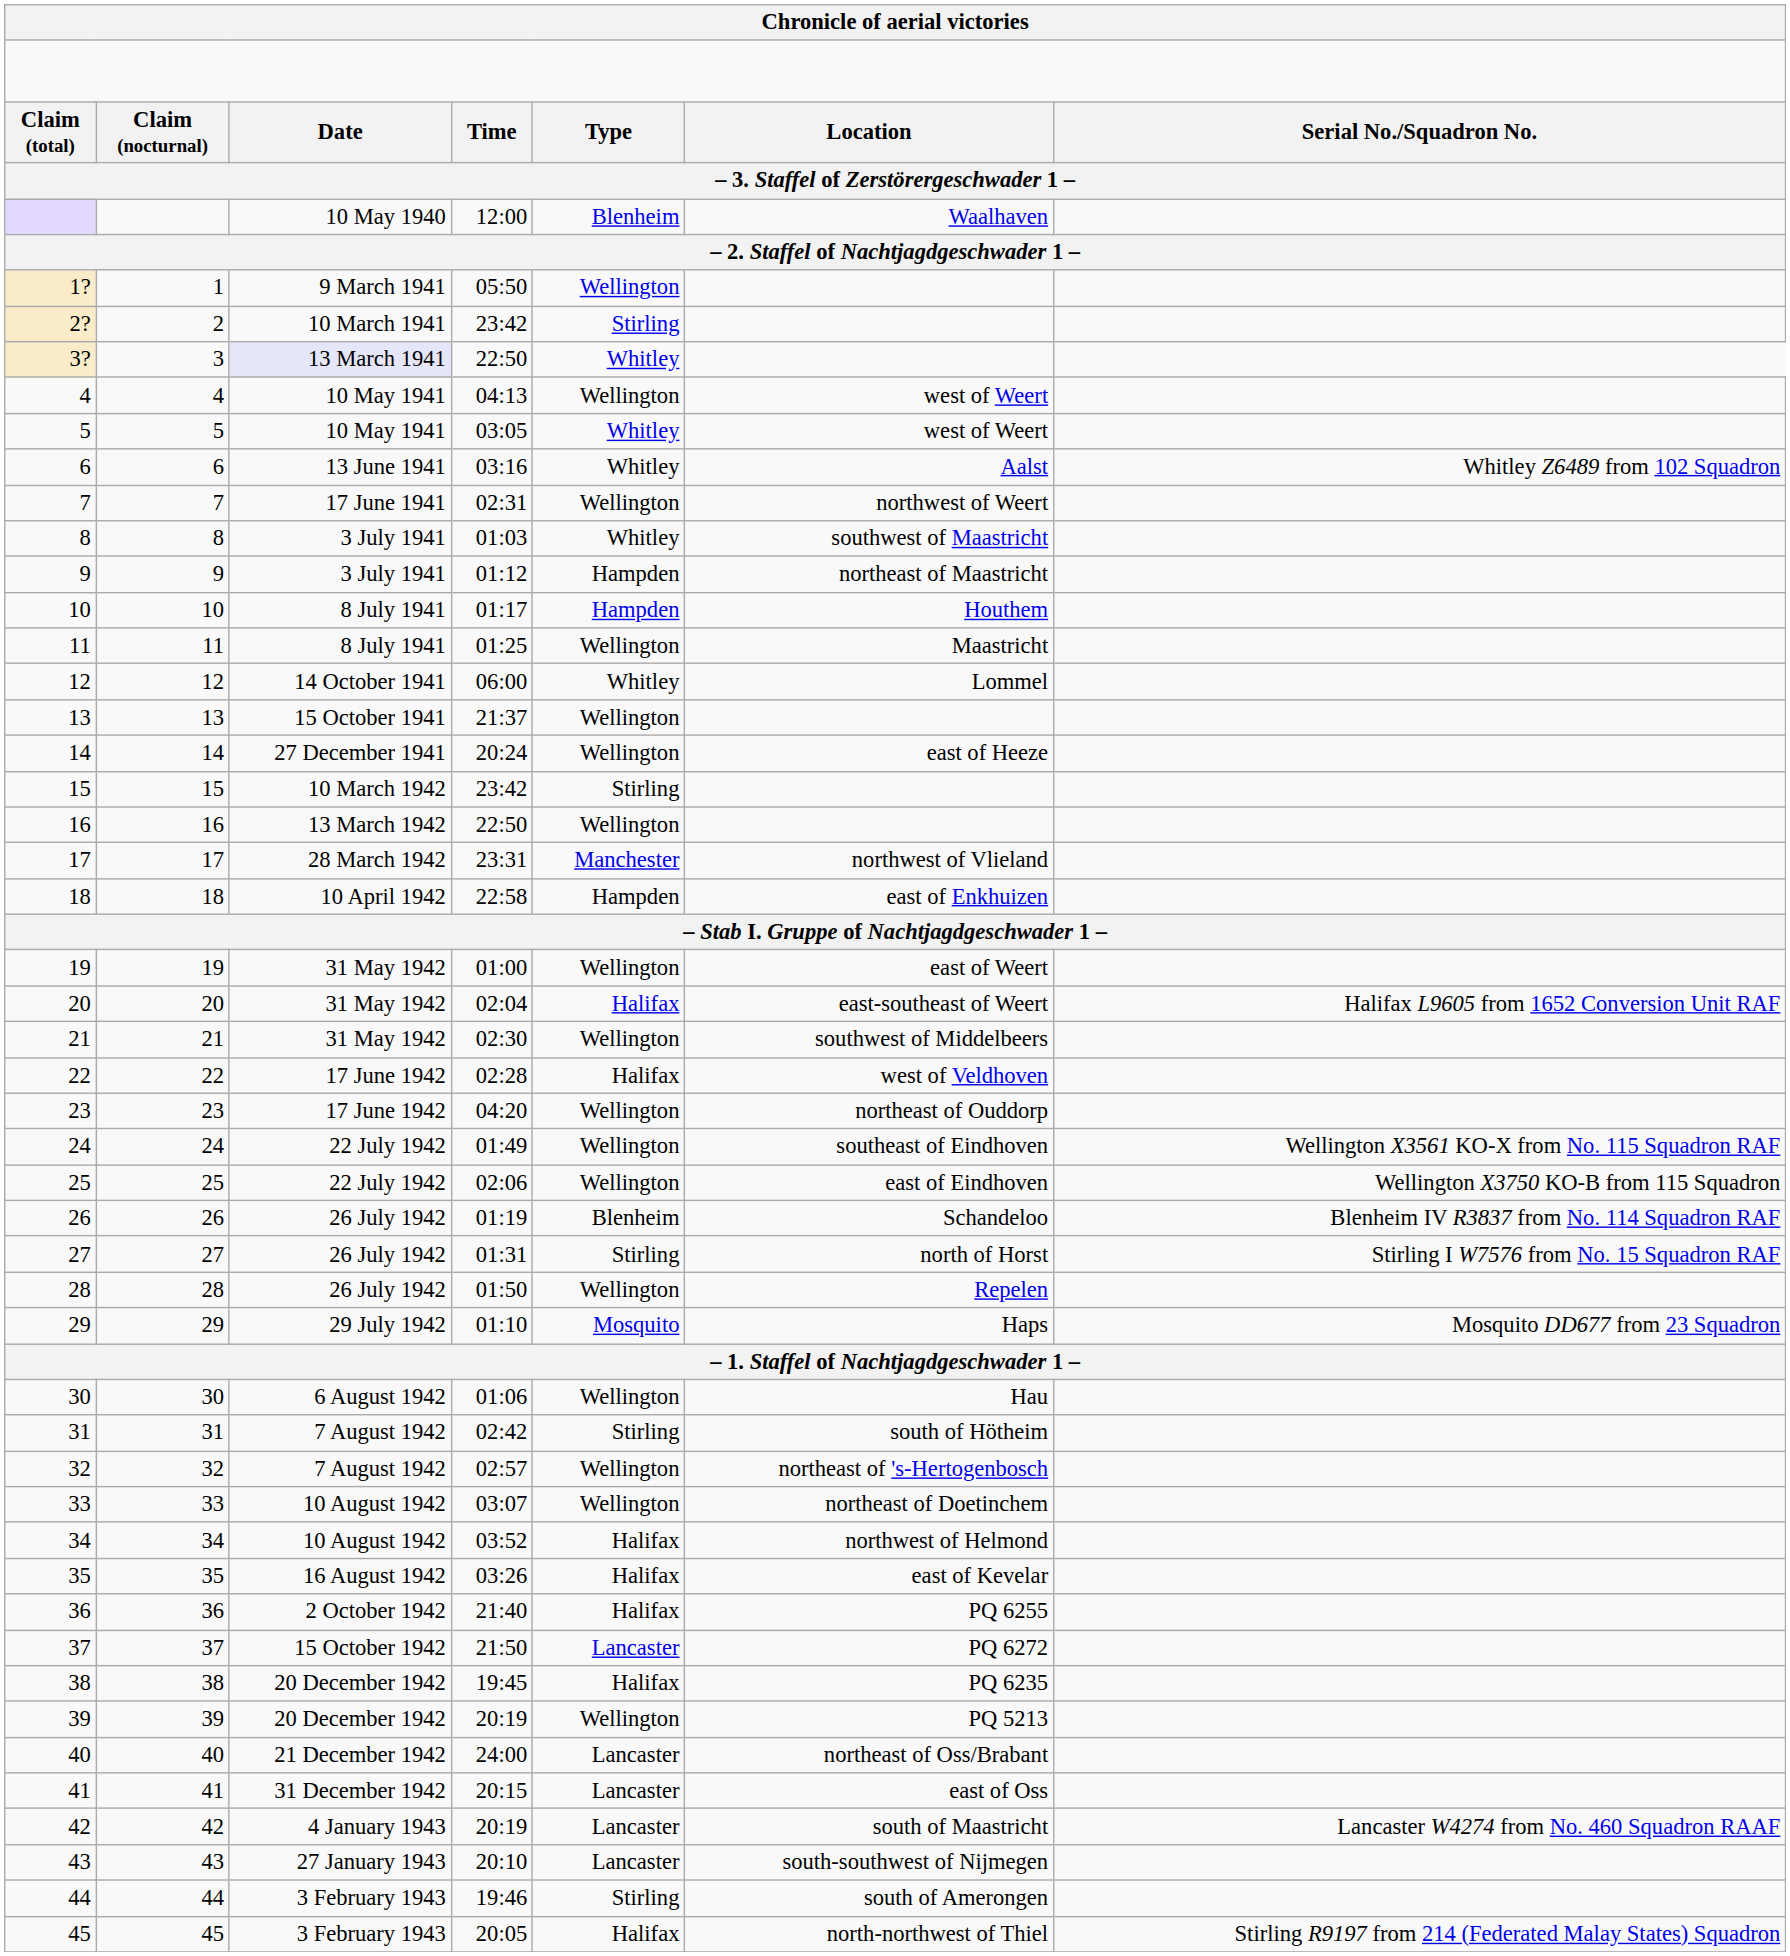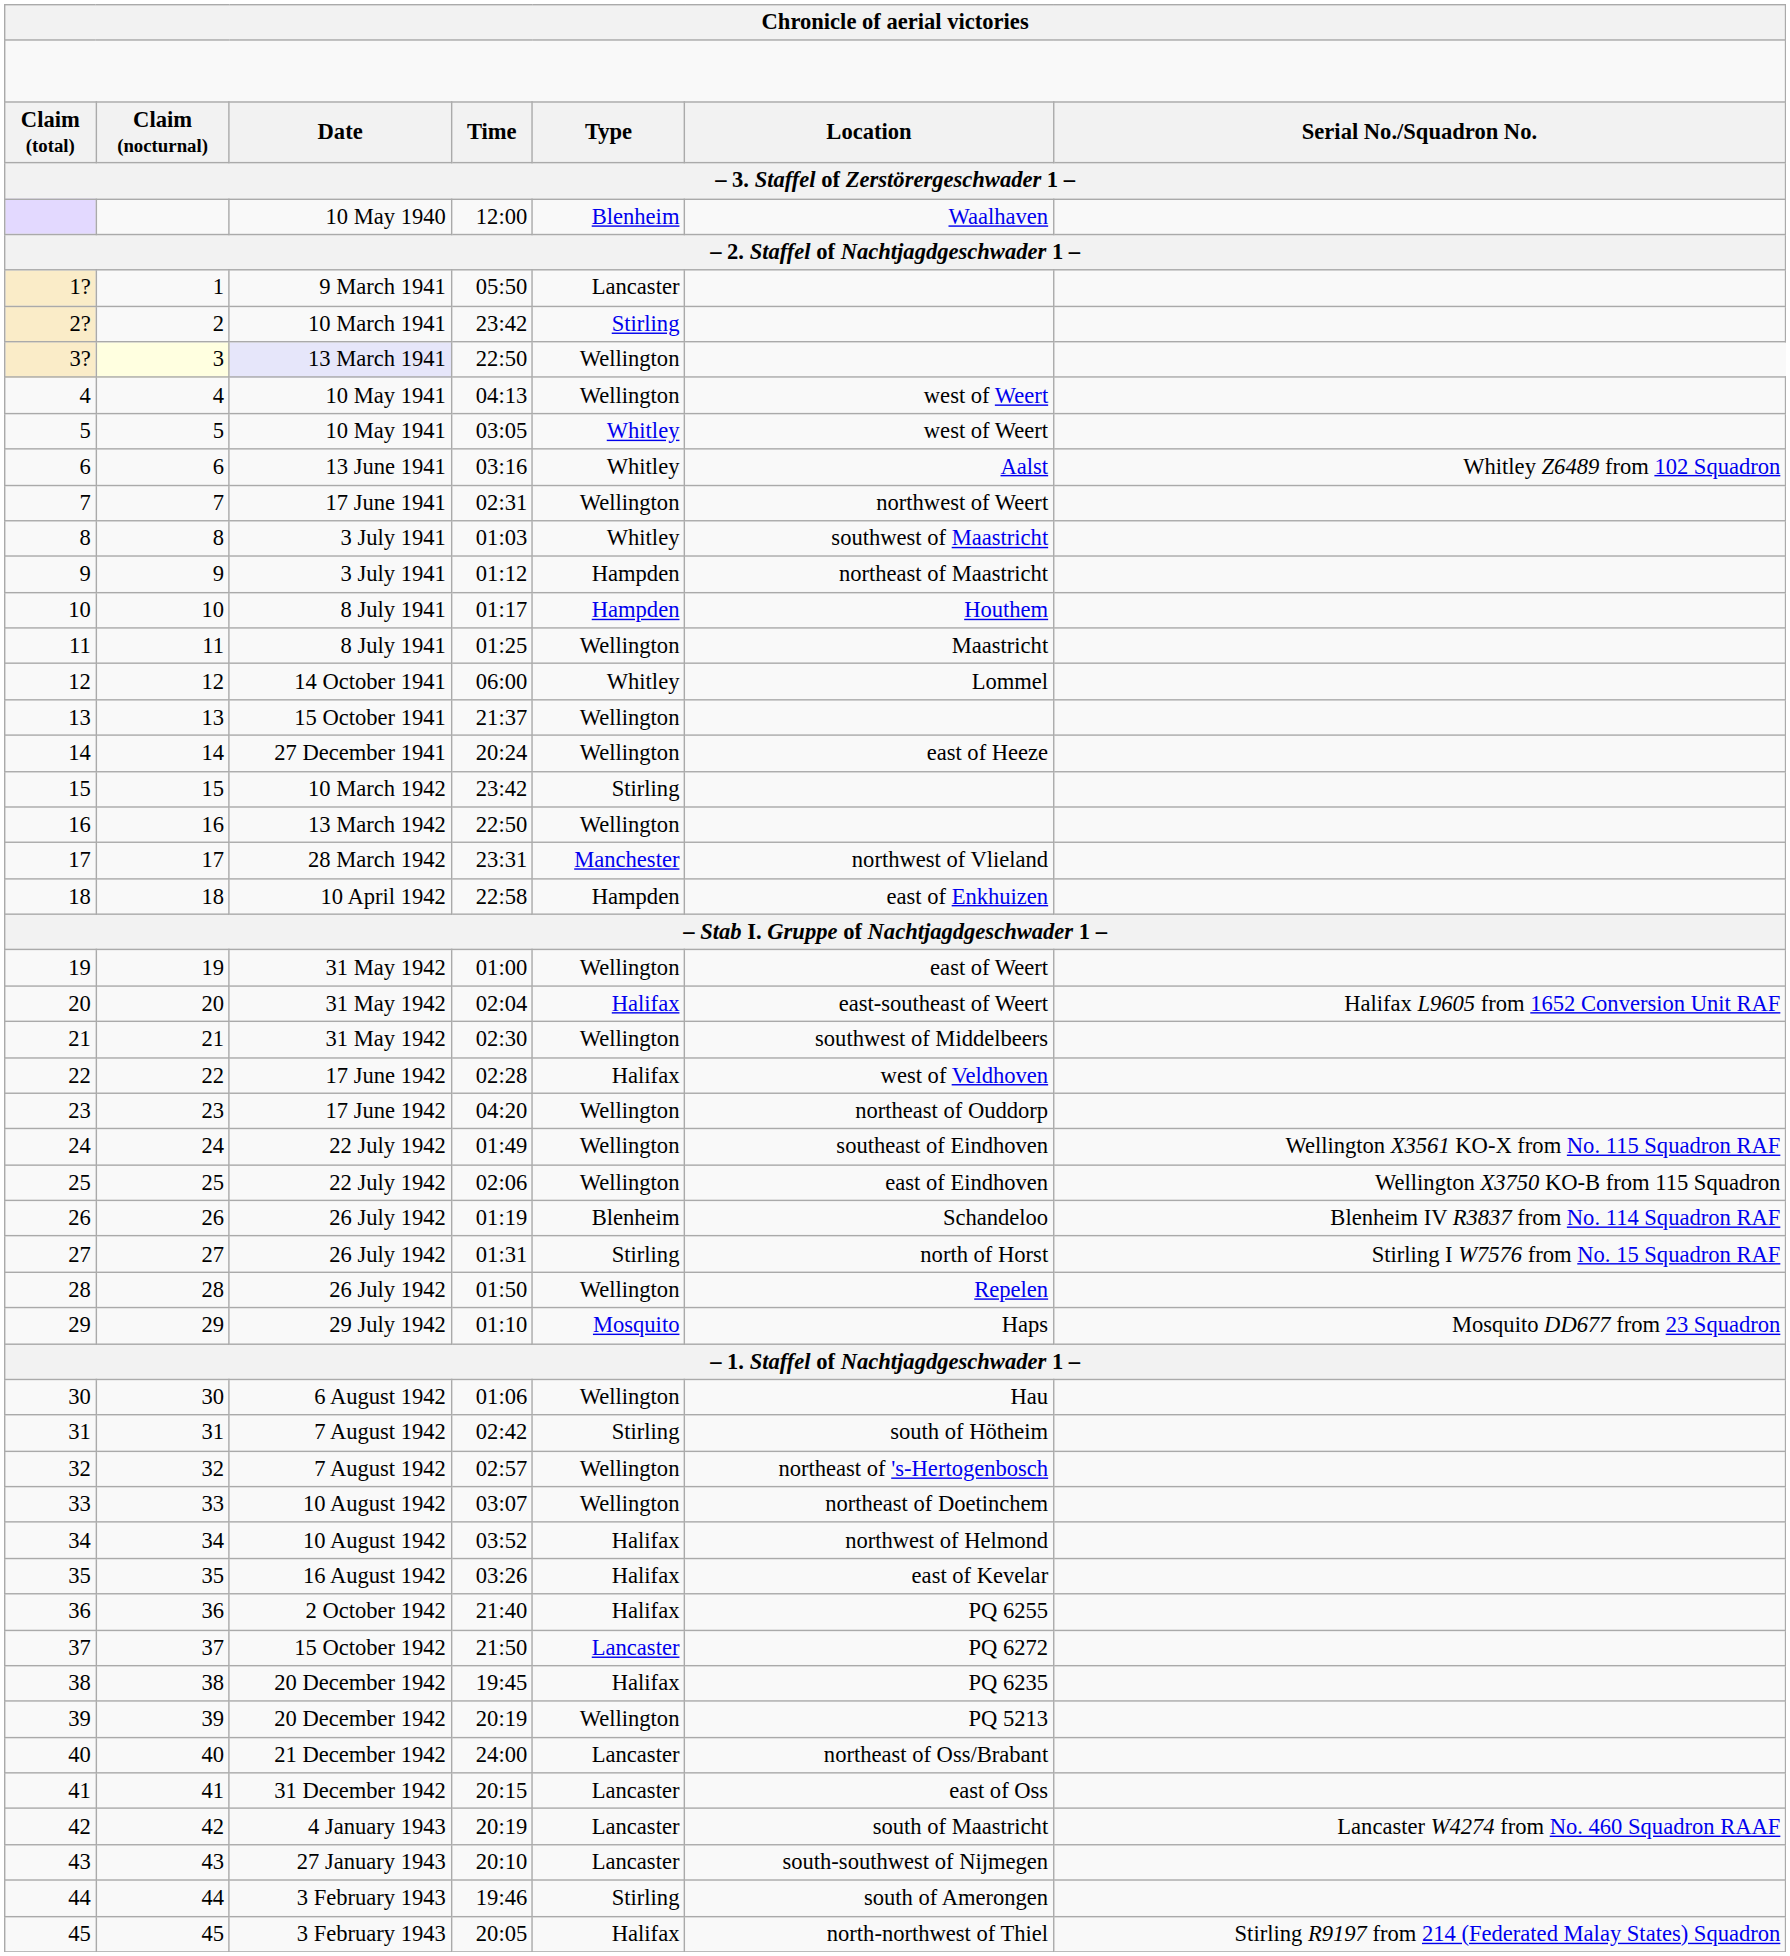 <table class="wikitable plainrowheaders collapsible" style="margin-left: auto; margin-right: auto; border: none; text-align:right; width: 100%;">
 <tr>
 <th colspan="7">Chronicle of aerial victories</th>
 </tr>
 <tr>
 <td colspan="7" style="text-align: left;"><br><br> </td>
 </tr>
 <tr>
 <th scope="col">Claim<br><small>(total)</small></th>
 <th scope="col">Claim<br><small>(nocturnal)</small></th>
 <th scope="col" style="width:150px">Date</th>
 <th scope="col">Time</th>
 <th scope="col">Type</th>
 <th scope="col">Location</th>
 <th scope="col">Serial No./Squadron No.</th>
 </tr>
 <tr>
 <th colspan="7">– 3. <em>Staffel</em> of <em>Zerstörergeschwader</em> 1 –</th>
 </tr>
 <tr>
 <td style="background:#e3d9ff;"></td>
 <td></td>
 <td>10 May 1940</td>
 <td>12:00</td>
 <td><a href='#'>Blenheim</a></td>
 <td><a href='#'>Waalhaven</a></td>
 <td></td>
 </tr>
 <tr>
 <th colspan="7">– 2. <em>Staffel</em> of <em>Nachtjagdgeschwader</em> 1 –</th>
 </tr>
 <tr>
 <td style="background:#faecc8">1?</td>
 <td>1</td>
 <td>9 March 1941</td>
 <td>05:50</td>
-<td><a href='#'>Wellington</a></td>
+<td>Lancaster</td>
 <td></td>
 <td></td>
 </tr>
 <tr>
 <td style="background:#faecc8">2?</td>
 <td>2</td>
 <td>10 March 1941</td>
 <td>23:42</td>
 <td><a href='#'>Stirling</a></td>
 <td></td>
 <td></td>
 </tr>
 <tr>
 <td style="background:#faecc8">3?</td>
-<td>3</td>
+<td style="background: lightyellow;">3</td>
 <td style="background: lavender;">13 March 1941</td>
 <td>22:50</td>
-<td><a href='#'>Whitley</a></td>
+<td>Wellington</td>
 <td></td>
 </tr>
 <tr>
 <td>4</td>
 <td>4</td>
 <td>10 May 1941</td>
 <td>04:13</td>
 <td>Wellington</td>
 <td> west of <a href='#'>Weert</a></td>
 <td></td>
 </tr>
 <tr>
 <td>5</td>
 <td>5</td>
 <td>10 May 1941</td>
 <td>03:05</td>
 <td><a href='#'>Whitley</a></td>
 <td> west of Weert</td>
 <td></td>
 </tr>
 <tr>
 <td>6</td>
 <td>6</td>
 <td>13 June 1941</td>
 <td>03:16</td>
 <td>Whitley</td>
 <td><a href='#'>Aalst</a></td>
 <td>Whitley <em>Z6489</em> from <a href='#'>102 Squadron</a></td>
 </tr>
 <tr>
 <td>7</td>
 <td>7</td>
 <td>17 June 1941</td>
 <td>02:31</td>
 <td>Wellington</td>
 <td> northwest of Weert</td>
 <td></td>
 </tr>
 <tr>
 <td>8</td>
 <td>8</td>
 <td>3 July 1941</td>
 <td>01:03</td>
 <td>Whitley</td>
 <td> southwest of <a href='#'>Maastricht</a></td>
 <td></td>
 </tr>
 <tr>
 <td>9</td>
 <td>9</td>
 <td>3 July 1941</td>
 <td>01:12</td>
 <td>Hampden</td>
 <td> northeast of Maastricht</td>
 <td></td>
 </tr>
 <tr>
 <td>10</td>
 <td>10</td>
 <td>8 July 1941</td>
 <td>01:17</td>
 <td><a href='#'>Hampden</a></td>
 <td><a href='#'>Houthem</a></td>
 <td></td>
 </tr>
 <tr>
 <td>11</td>
 <td>11</td>
 <td>8 July 1941</td>
 <td>01:25</td>
 <td>Wellington</td>
 <td>Maastricht</td>
 <td></td>
 </tr>
 <tr>
 <td>12</td>
 <td>12</td>
 <td>14 October 1941</td>
 <td>06:00</td>
 <td>Whitley</td>
 <td>Lommel</td>
 <td></td>
 </tr>
 <tr>
 <td>13</td>
 <td>13</td>
 <td>15 October 1941</td>
 <td>21:37</td>
 <td>Wellington</td>
 <td></td>
 <td></td>
 </tr>
 <tr>
 <td>14</td>
 <td>14</td>
 <td>27 December 1941</td>
 <td>20:24</td>
 <td>Wellington</td>
 <td> east of Heeze</td>
 <td></td>
 </tr>
 <tr>
 <td>15</td>
 <td>15</td>
 <td>10 March 1942</td>
 <td>23:42</td>
 <td>Stirling</td>
 <td></td>
 <td></td>
 </tr>
 <tr>
 <td>16</td>
 <td>16</td>
 <td>13 March 1942</td>
 <td>22:50</td>
 <td>Wellington</td>
 <td></td>
 <td></td>
 </tr>
 <tr>
 <td>17</td>
 <td>17</td>
 <td>28 March 1942</td>
 <td>23:31</td>
 <td><a href='#'>Manchester</a></td>
 <td>northwest of Vlieland</td>
 <td></td>
 </tr>
 <tr>
 <td>18</td>
 <td>18</td>
 <td>10 April 1942</td>
 <td>22:58</td>
 <td>Hampden</td>
 <td> east of <a href='#'>Enkhuizen</a></td>
 <td></td>
 </tr>
 <tr>
 <th colspan="7">– <em>Stab</em> I. <em>Gruppe</em> of <em>Nachtjagdgeschwader</em> 1 –</th>
 </tr>
 <tr>
 <td>19</td>
 <td>19</td>
 <td>31 May 1942</td>
 <td>01:00</td>
 <td>Wellington</td>
 <td> east of Weert</td>
 <td></td>
 </tr>
 <tr>
 <td>20</td>
 <td>20</td>
 <td>31 May 1942</td>
 <td>02:04</td>
 <td><a href='#'>Halifax</a></td>
 <td> east-southeast of Weert</td>
 <td>Halifax <em>L9605</em> from <a href='#'>1652 Conversion Unit RAF</a></td>
 </tr>
 <tr>
 <td>21</td>
 <td>21</td>
 <td>31 May 1942</td>
 <td>02:30</td>
 <td>Wellington</td>
 <td> southwest of Middelbeers</td>
 <td></td>
 </tr>
 <tr>
 <td>22</td>
 <td>22</td>
 <td>17 June 1942</td>
 <td>02:28</td>
 <td>Halifax</td>
 <td>west of <a href='#'>Veldhoven</a></td>
 <td></td>
 </tr>
 <tr>
 <td>23</td>
 <td>23</td>
 <td>17 June 1942</td>
 <td>04:20</td>
 <td>Wellington</td>
 <td> northeast of Ouddorp</td>
 <td></td>
 </tr>
 <tr>
 <td>24</td>
 <td>24</td>
 <td>22 July 1942</td>
 <td>01:49</td>
 <td>Wellington</td>
 <td> southeast of Eindhoven</td>
 <td>Wellington <em>X3561</em> KO-X from <a href='#'>No. 115 Squadron RAF</a></td>
 </tr>
 <tr>
 <td>25</td>
 <td>25</td>
 <td>22 July 1942</td>
 <td>02:06</td>
 <td>Wellington</td>
 <td> east of Eindhoven</td>
 <td>Wellington <em>X3750</em> KO-B from 115 Squadron</td>
 </tr>
 <tr>
 <td>26</td>
 <td>26</td>
 <td>26 July 1942</td>
 <td>01:19</td>
 <td>Blenheim</td>
 <td>Schandeloo</td>
 <td>Blenheim IV <em>R3837</em> from <a href='#'>No. 114 Squadron RAF</a></td>
 </tr>
 <tr>
 <td>27</td>
 <td>27</td>
 <td>26 July 1942</td>
 <td>01:31</td>
 <td>Stirling</td>
 <td> north of Horst</td>
 <td>Stirling I <em>W7576</em> from <a href='#'>No. 15 Squadron RAF</a></td>
 </tr>
 <tr>
 <td>28</td>
 <td>28</td>
 <td>26 July 1942</td>
 <td>01:50</td>
 <td>Wellington</td>
 <td><a href='#'>Repelen</a></td>
 <td></td>
 </tr>
 <tr>
 <td>29</td>
 <td>29</td>
 <td>29 July 1942</td>
 <td>01:10</td>
 <td><a href='#'>Mosquito</a></td>
 <td>Haps</td>
 <td>Mosquito <em>DD677</em> from <a href='#'>23 Squadron</a></td>
 </tr>
 <tr>
 <th colspan="7">– 1. <em>Staffel</em> of <em>Nachtjagdgeschwader</em> 1 –</th>
 </tr>
 <tr>
 <td>30</td>
 <td>30</td>
 <td>6 August 1942</td>
 <td>01:06</td>
 <td>Wellington</td>
 <td>Hau</td>
 <td></td>
 </tr>
 <tr>
 <td>31</td>
 <td>31</td>
 <td>7 August 1942</td>
 <td>02:42</td>
 <td>Stirling</td>
 <td> south of Hötheim</td>
 <td></td>
 </tr>
 <tr>
 <td>32</td>
 <td>32</td>
 <td>7 August 1942</td>
 <td>02:57</td>
 <td>Wellington</td>
 <td> northeast of <a href='#'>'s-Hertogenbosch</a></td>
 <td></td>
 </tr>
 <tr>
 <td>33</td>
 <td>33</td>
 <td>10 August 1942</td>
 <td>03:07</td>
 <td>Wellington</td>
 <td>northeast of Doetinchem</td>
 <td></td>
 </tr>
 <tr>
 <td>34</td>
 <td>34</td>
 <td>10 August 1942</td>
 <td>03:52</td>
 <td>Halifax</td>
 <td> northwest of Helmond</td>
 <td></td>
 </tr>
 <tr>
 <td>35</td>
 <td>35</td>
 <td>16 August 1942</td>
 <td>03:26</td>
 <td>Halifax</td>
 <td> east of Kevelar</td>
 <td></td>
 </tr>
 <tr>
 <td>36</td>
 <td>36</td>
 <td>2 October 1942</td>
 <td>21:40</td>
 <td>Halifax</td>
 <td>PQ 6255</td>
 <td></td>
 </tr>
 <tr>
 <td>37</td>
 <td>37</td>
 <td>15 October 1942</td>
 <td>21:50</td>
 <td><a href='#'>Lancaster</a></td>
 <td>PQ 6272</td>
 <td></td>
 </tr>
 <tr>
 <td>38</td>
 <td>38</td>
 <td>20 December 1942</td>
 <td>19:45</td>
 <td>Halifax</td>
 <td>PQ 6235</td>
 <td></td>
 </tr>
 <tr>
 <td>39</td>
 <td>39</td>
 <td>20 December 1942</td>
 <td>20:19</td>
 <td>Wellington</td>
 <td>PQ 5213</td>
 <td></td>
 </tr>
 <tr>
 <td>40</td>
 <td>40</td>
 <td>21 December 1942</td>
 <td>24:00</td>
 <td>Lancaster</td>
 <td> northeast of Oss/Brabant</td>
 <td></td>
 </tr>
 <tr>
 <td>41</td>
 <td>41</td>
 <td>31 December 1942</td>
 <td>20:15</td>
 <td>Lancaster</td>
 <td> east of Oss</td>
 <td></td>
 </tr>
 <tr>
 <td>42</td>
 <td>42</td>
 <td>4 January 1943</td>
 <td>20:19</td>
 <td>Lancaster</td>
 <td> south of Maastricht</td>
 <td>Lancaster <em>W4274</em> from <a href='#'>No. 460 Squadron RAAF</a></td>
 </tr>
 <tr>
 <td>43</td>
 <td>43</td>
 <td>27 January 1943</td>
 <td>20:10</td>
 <td>Lancaster</td>
 <td> south-southwest of Nijmegen</td>
 <td></td>
 </tr>
 <tr>
 <td>44</td>
 <td>44</td>
 <td>3 February 1943</td>
 <td>19:46</td>
 <td>Stirling</td>
 <td> south of Amerongen</td>
 <td></td>
 </tr>
 <tr>
 <td>45</td>
 <td>45</td>
 <td>3 February 1943</td>
 <td>20:05</td>
 <td>Halifax</td>
 <td>north-northwest of Thiel</td>
 <td>Stirling <em>R9197</em> from <a href='#'>214 (Federated Malay States) Squadron</a></td>
 </tr>
 </table>
